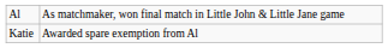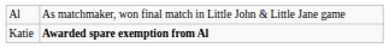 <table class="wikitable plainrowheaders floatright" style="font-size: 95%; margin: 10px;" align="right" width="40%">
 <tr>
 <td>Al</td>
 <td>As matchmaker, won final match in Little John & Little Jane game</td>
 </tr>
 <tr>
 <td>Katie</td>
-<td>Awarded spare exemption from Al</td>
+<td><strong>Awarded spare exemption from Al</strong></td>
 </tr>
 </table>
